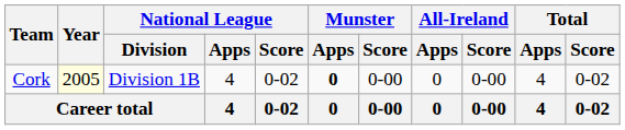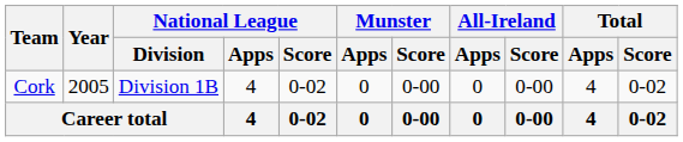 <table class="wikitable" style="text-align:center">
 <tr>
 <th rowspan="2">Team</th>
 <th rowspan="2">Year</th>
 <th colspan="3"><a href='#'>National League</a></th>
 <th colspan="2"><a href='#'>Munster</a></th>
 <th colspan="2"><a href='#'>All-Ireland</a></th>
 <th colspan="2">Total</th>
 </tr>
 <tr>
 <th>Division</th>
 <th>Apps</th>
 <th>Score</th>
 <th>Apps</th>
 <th>Score</th>
 <th>Apps</th>
 <th>Score</th>
 <th>Apps</th>
 <th>Score</th>
 </tr>
 <tr>
 <td rowspan="1"><a href='#'>Cork</a></td>
-<td style="background: lightyellow;">2005</td>
+<td>2005</td>
 <td rowspan="1"><a href='#'>Division 1B</a></td>
 <td>4</td>
 <td>0-02</td>
-<td><strong>0</strong></td>
+<td>0</td>
 <td>0-00</td>
 <td>0</td>
 <td>0-00</td>
 <td>4</td>
 <td>0-02</td>
 </tr>
 <tr>
 <th colspan="3">Career total</th>
 <th>4</th>
 <th>0-02</th>
 <th>0</th>
 <th>0-00</th>
 <th>0</th>
 <th>0-00</th>
 <th>4</th>
 <th>0-02</th>
 </tr>
 </table>
